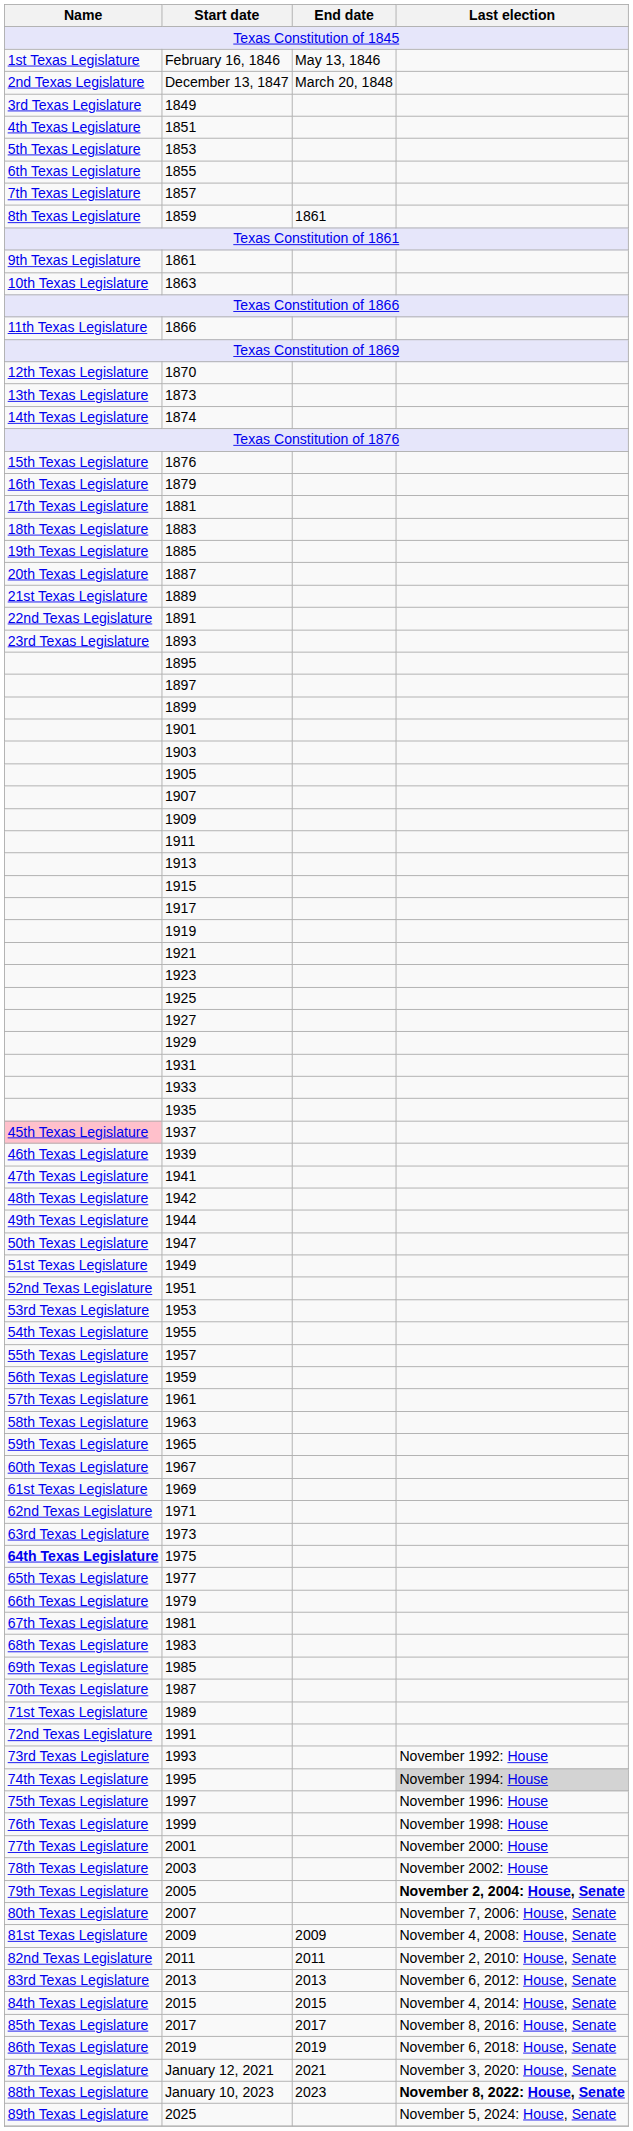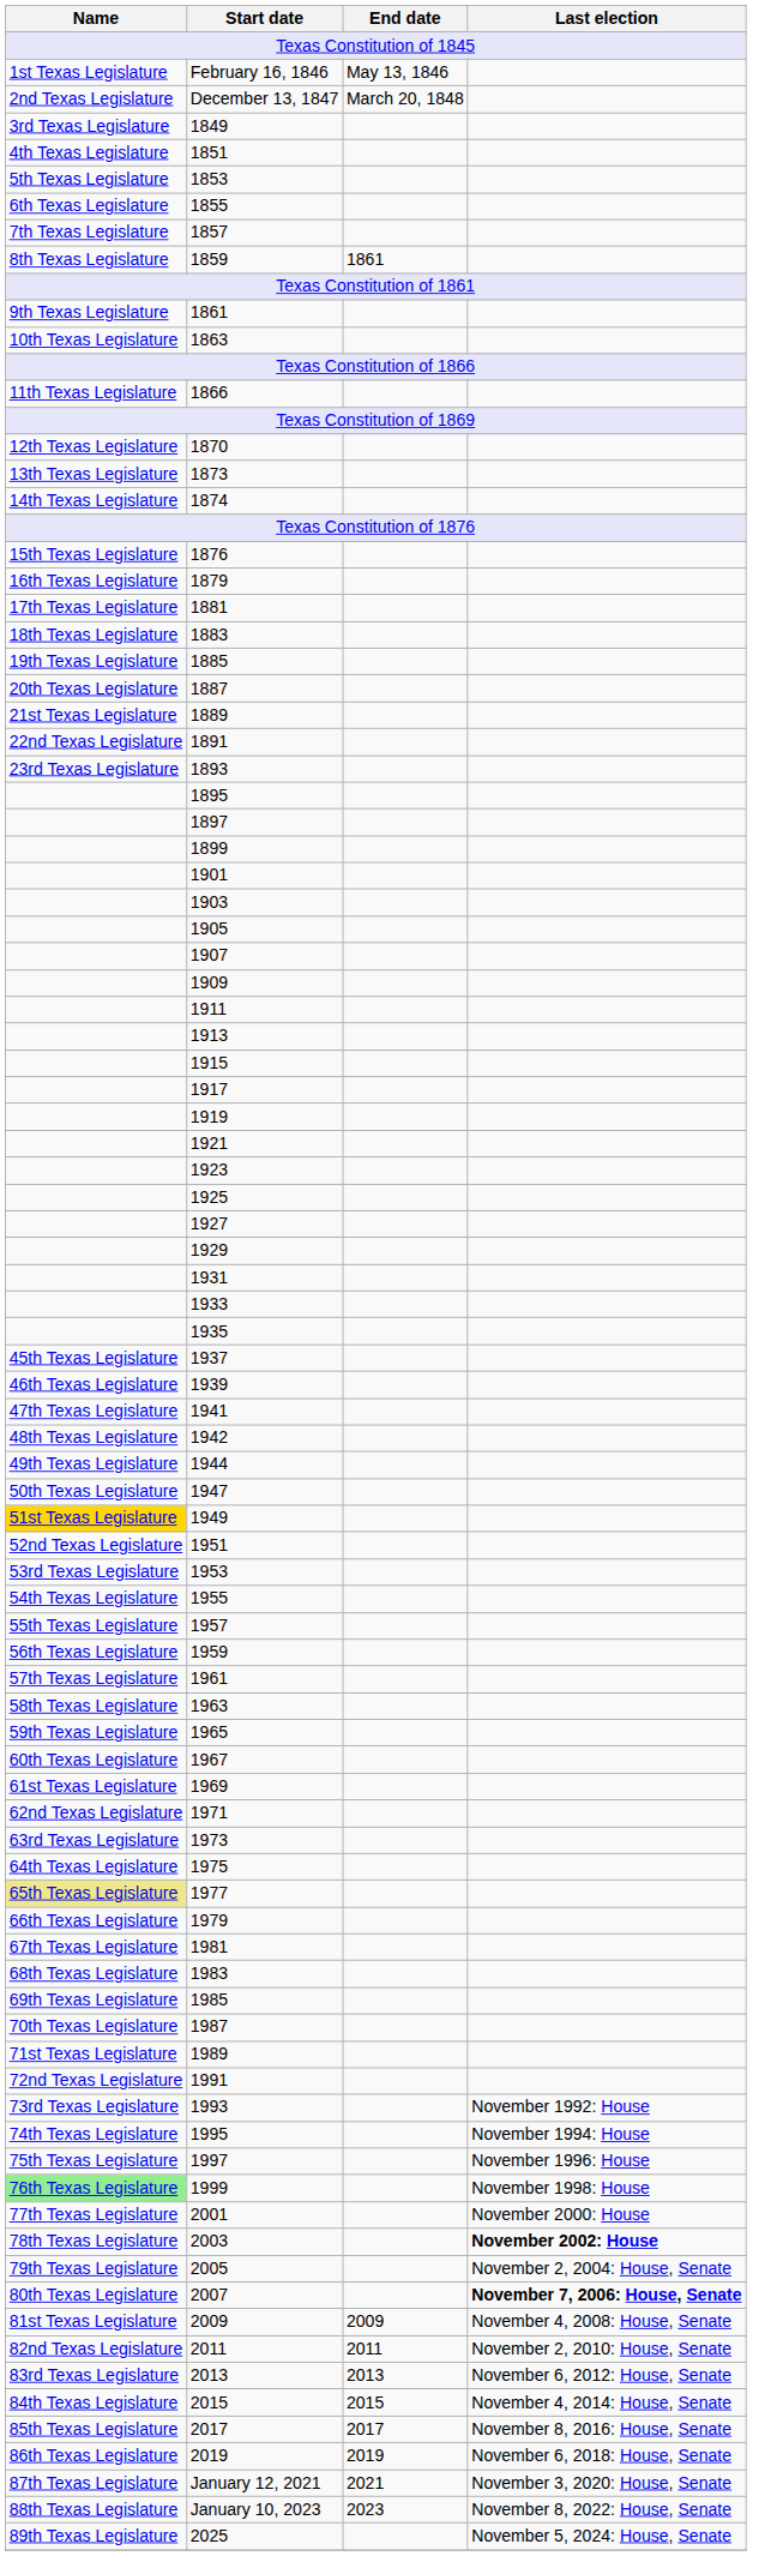 <table class="wikitable mw-datatable sticky-header">
 <tr>
 <th>Name</th>
 <th>Start date</th>
 <th>End date</th>
 <th>Last election</th>
 </tr>
 <tr>
 <td colspan=4 style="text-align: center; background-color:#E6E6FA;"><a href='#'>Texas Constitution of 1845</a></td>
 </tr>
 <tr>
 <td><a href='#'>1st Texas Legislature</a></td>
 <td>February 16, 1846 </td>
 <td>May 13, 1846</td>
 <td></td>
 </tr>
 <tr>
 <td><a href='#'>2nd Texas Legislature</a></td>
 <td>December 13, 1847</td>
 <td>March 20, 1848</td>
 <td></td>
 </tr>
 <tr>
 <td><a href='#'>3rd Texas Legislature</a></td>
 <td>1849</td>
 <td></td>
 <td></td>
 </tr>
 <tr>
 <td><a href='#'>4th Texas Legislature</a></td>
 <td>1851</td>
 <td></td>
 <td></td>
 </tr>
 <tr>
 <td><a href='#'>5th Texas Legislature</a></td>
 <td>1853</td>
 <td></td>
 <td></td>
 </tr>
 <tr>
 <td><a href='#'>6th Texas Legislature</a></td>
 <td>1855</td>
 <td></td>
 <td></td>
 </tr>
 <tr>
 <td><a href='#'>7th Texas Legislature</a></td>
 <td>1857</td>
 <td></td>
 <td></td>
 </tr>
 <tr>
 <td><a href='#'>8th Texas Legislature</a></td>
 <td>1859</td>
 <td>1861</td>
 <td></td>
 </tr>
 <tr>
 <td colspan=4 style="text-align: center; background-color:#E6E6FA;"><a href='#'>Texas Constitution of 1861</a> </td>
 </tr>
 <tr>
 <td><a href='#'>9th Texas Legislature</a></td>
 <td>1861</td>
 <td></td>
 <td></td>
 </tr>
 <tr>
 <td><a href='#'>10th Texas Legislature</a></td>
 <td>1863</td>
 <td></td>
 <td></td>
 </tr>
 <tr>
 <td colspan=4 style="text-align: center; background-color:#E6E6FA;"><a href='#'>Texas Constitution of 1866</a></td>
 </tr>
 <tr>
 <td><a href='#'>11th Texas Legislature</a></td>
 <td>1866</td>
 <td></td>
 <td></td>
 </tr>
 <tr>
 <td colspan=4 style="text-align: center; background-color:#E6E6FA;"><a href='#'>Texas Constitution of 1869</a></td>
 </tr>
 <tr>
 <td><a href='#'>12th Texas Legislature</a></td>
 <td>1870</td>
 <td></td>
 <td></td>
 </tr>
 <tr>
 <td><a href='#'>13th Texas Legislature</a></td>
 <td>1873</td>
 <td></td>
 <td></td>
 </tr>
 <tr>
 <td><a href='#'>14th Texas Legislature</a></td>
 <td>1874</td>
 <td></td>
 <td></td>
 </tr>
 <tr>
 <td colspan=4 style="text-align: center; background-color:#E6E6FA;"><a href='#'>Texas Constitution of 1876</a> </td>
 </tr>
 <tr>
 <td><a href='#'>15th Texas Legislature</a></td>
 <td>1876</td>
 <td></td>
 <td></td>
 </tr>
 <tr>
 <td><a href='#'>16th Texas Legislature</a></td>
 <td>1879</td>
 <td></td>
 <td></td>
 </tr>
 <tr>
 <td><a href='#'>17th Texas Legislature</a></td>
 <td>1881</td>
 <td></td>
 <td></td>
 </tr>
 <tr>
 <td><a href='#'>18th Texas Legislature</a></td>
 <td>1883</td>
 <td></td>
 <td></td>
 </tr>
 <tr>
 <td><a href='#'>19th Texas Legislature</a></td>
 <td>1885</td>
 <td></td>
 <td></td>
 </tr>
 <tr>
 <td><a href='#'>20th Texas Legislature</a></td>
 <td>1887</td>
 <td></td>
 <td></td>
 </tr>
 <tr>
 <td><a href='#'>21st Texas Legislature</a></td>
 <td>1889</td>
 <td></td>
 <td></td>
 </tr>
 <tr>
 <td><a href='#'>22nd Texas Legislature</a></td>
 <td>1891</td>
 <td></td>
 <td></td>
 </tr>
 <tr>
 <td><a href='#'>23rd Texas Legislature</a></td>
 <td>1893 </td>
 <td></td>
 <td></td>
 </tr>
 <tr>
 <td></td>
 <td>1895 </td>
 <td></td>
 <td></td>
 </tr>
 <tr>
 <td></td>
 <td>1897 </td>
 <td></td>
 <td></td>
 </tr>
 <tr>
 <td></td>
 <td>1899 </td>
 <td></td>
 <td></td>
 </tr>
 <tr>
 <td></td>
 <td>1901 </td>
 <td></td>
 <td></td>
 </tr>
 <tr>
 <td></td>
 <td>1903</td>
 <td></td>
 <td></td>
 </tr>
 <tr>
 <td></td>
 <td>1905 </td>
 <td></td>
 <td></td>
 </tr>
 <tr>
 <td></td>
 <td>1907</td>
 <td></td>
 <td></td>
 </tr>
 <tr>
 <td></td>
 <td>1909 </td>
 <td></td>
 <td></td>
 </tr>
 <tr>
 <td></td>
 <td>1911 </td>
 <td></td>
 <td></td>
 </tr>
 <tr>
 <td></td>
 <td>1913 </td>
 <td></td>
 <td></td>
 </tr>
 <tr>
 <td></td>
 <td>1915 </td>
 <td></td>
 <td></td>
 </tr>
 <tr>
 <td></td>
 <td>1917</td>
 <td></td>
 <td></td>
 </tr>
 <tr>
 <td></td>
 <td>1919</td>
 <td></td>
 <td></td>
 </tr>
 <tr>
 <td></td>
 <td>1921 </td>
 <td></td>
 <td></td>
 </tr>
 <tr>
 <td></td>
 <td>1923</td>
 <td></td>
 <td></td>
 </tr>
 <tr>
 <td></td>
 <td>1925</td>
 <td></td>
 <td></td>
 </tr>
 <tr>
 <td></td>
 <td>1927 </td>
 <td></td>
 <td></td>
 </tr>
 <tr>
 <td></td>
 <td>1929 </td>
 <td></td>
 <td></td>
 </tr>
 <tr>
 <td></td>
 <td>1931 </td>
 <td></td>
 <td></td>
 </tr>
 <tr>
 <td></td>
 <td>1933</td>
 <td></td>
 <td></td>
 </tr>
 <tr>
 <td></td>
 <td>1935 </td>
 <td></td>
 <td></td>
 </tr>
 <tr>
-<td style="background: pink;"><a href='#'>45th Texas Legislature</a></td>
+<td><a href='#'>45th Texas Legislature</a></td>
 <td>1937</td>
 <td></td>
 <td></td>
 </tr>
 <tr>
 <td><a href='#'>46th Texas Legislature</a></td>
 <td>1939</td>
 <td></td>
 <td></td>
 </tr>
 <tr>
 <td><a href='#'>47th Texas Legislature</a></td>
 <td>1941</td>
 <td></td>
 <td></td>
 </tr>
 <tr>
 <td><a href='#'>48th Texas Legislature</a></td>
 <td>1942</td>
 <td></td>
 <td></td>
 </tr>
 <tr>
 <td><a href='#'>49th Texas Legislature</a></td>
 <td>1944</td>
 <td></td>
 <td></td>
 </tr>
 <tr>
 <td><a href='#'>50th Texas Legislature</a></td>
 <td>1947</td>
 <td></td>
 <td></td>
 </tr>
 <tr>
-<td><a href='#'>51st Texas Legislature</a></td>
+<td style="background: gold;"><a href='#'>51st Texas Legislature</a></td>
 <td>1949</td>
 <td></td>
 <td></td>
 </tr>
 <tr>
 <td><a href='#'>52nd Texas Legislature</a></td>
 <td>1951 </td>
 <td></td>
 <td></td>
 </tr>
 <tr>
 <td><a href='#'>53rd Texas Legislature</a></td>
 <td>1953 </td>
 <td></td>
 <td></td>
 </tr>
 <tr>
 <td><a href='#'>54th Texas Legislature</a></td>
 <td>1955</td>
 <td></td>
 <td></td>
 </tr>
 <tr>
 <td><a href='#'>55th Texas Legislature</a></td>
 <td>1957</td>
 <td></td>
 <td></td>
 </tr>
 <tr>
 <td><a href='#'>56th Texas Legislature</a></td>
 <td>1959</td>
 <td></td>
 <td></td>
 </tr>
 <tr>
 <td><a href='#'>57th Texas Legislature</a></td>
 <td>1961 </td>
 <td></td>
 <td></td>
 </tr>
 <tr>
 <td><a href='#'>58th Texas Legislature</a></td>
 <td>1963</td>
 <td></td>
 <td></td>
 </tr>
 <tr>
 <td><a href='#'>59th Texas Legislature</a></td>
 <td>1965</td>
 <td></td>
 <td></td>
 </tr>
 <tr>
 <td><a href='#'>60th Texas Legislature</a></td>
 <td>1967</td>
 <td></td>
 <td></td>
 </tr>
 <tr>
 <td><a href='#'>61st Texas Legislature</a></td>
 <td>1969</td>
 <td></td>
 <td></td>
 </tr>
 <tr>
 <td><a href='#'>62nd Texas Legislature</a></td>
 <td>1971</td>
 <td></td>
 <td></td>
 </tr>
 <tr>
 <td><a href='#'>63rd Texas Legislature</a></td>
 <td>1973</td>
 <td></td>
 <td></td>
 </tr>
 <tr>
-<td><strong><a href='#'>64th Texas Legislature</a></strong></td>
+<td><a href='#'>64th Texas Legislature</a></td>
 <td>1975</td>
 <td></td>
 <td></td>
 </tr>
 <tr>
-<td><a href='#'>65th Texas Legislature</a></td>
+<td style="background: khaki;"><a href='#'>65th Texas Legislature</a></td>
 <td>1977</td>
 <td></td>
 <td></td>
 </tr>
 <tr>
 <td><a href='#'>66th Texas Legislature</a></td>
 <td>1979</td>
 <td></td>
 <td></td>
 </tr>
 <tr>
 <td><a href='#'>67th Texas Legislature</a></td>
 <td>1981</td>
 <td></td>
 <td></td>
 </tr>
 <tr>
 <td><a href='#'>68th Texas Legislature</a></td>
 <td>1983</td>
 <td></td>
 <td></td>
 </tr>
 <tr>
 <td><a href='#'>69th Texas Legislature</a></td>
 <td>1985</td>
 <td></td>
 <td></td>
 </tr>
 <tr>
 <td><a href='#'>70th Texas Legislature</a></td>
 <td>1987</td>
 <td></td>
 <td></td>
 </tr>
 <tr>
 <td><a href='#'>71st Texas Legislature</a></td>
 <td>1989</td>
 <td></td>
 <td></td>
 </tr>
 <tr>
 <td><a href='#'>72nd Texas Legislature</a></td>
 <td>1991</td>
 <td></td>
 <td></td>
 </tr>
 <tr>
 <td><a href='#'>73rd Texas Legislature</a></td>
 <td>1993</td>
 <td></td>
 <td>November 1992: <a href='#'>House</a></td>
 </tr>
 <tr>
 <td><a href='#'>74th Texas Legislature</a></td>
 <td>1995</td>
 <td></td>
-<td style="background: lightgrey;">November 1994: <a href='#'>House</a></td>
+<td>November 1994: <a href='#'>House</a></td>
 </tr>
 <tr>
 <td><a href='#'>75th Texas Legislature</a></td>
 <td>1997</td>
 <td></td>
 <td>November 1996: <a href='#'>House</a></td>
 </tr>
 <tr>
-<td><a href='#'>76th Texas Legislature</a></td>
+<td style="background: lightgreen;"><a href='#'>76th Texas Legislature</a></td>
 <td>1999</td>
 <td></td>
 <td>November 1998: <a href='#'>House</a></td>
 </tr>
 <tr>
 <td><a href='#'>77th Texas Legislature</a></td>
 <td>2001</td>
 <td></td>
 <td>November 2000: <a href='#'>House</a></td>
 </tr>
 <tr>
 <td><a href='#'>78th Texas Legislature</a></td>
 <td>2003</td>
 <td></td>
-<td>November 2002: <a href='#'>House</a></td>
+<td><strong>November 2002: <a href='#'>House</a></strong></td>
 </tr>
 <tr>
 <td><a href='#'>79th Texas Legislature</a></td>
 <td>2005</td>
 <td></td>
-<td><strong>November 2, 2004: <a href='#'>House</a>, <a href='#'>Senate</a></strong></td>
+<td>November 2, 2004: <a href='#'>House</a>, <a href='#'>Senate</a></td>
 </tr>
 <tr>
 <td><a href='#'>80th Texas Legislature</a></td>
 <td>2007</td>
 <td></td>
-<td>November 7, 2006: <a href='#'>House</a>, <a href='#'>Senate</a></td>
+<td><strong>November 7, 2006: <a href='#'>House</a>, <a href='#'>Senate</a></strong></td>
 </tr>
 <tr>
 <td><a href='#'>81st Texas Legislature</a></td>
 <td>2009</td>
 <td>2009</td>
 <td>November 4, 2008: <a href='#'>House</a>, <a href='#'>Senate</a></td>
 </tr>
 <tr>
 <td><a href='#'>82nd Texas Legislature</a></td>
 <td>2011</td>
 <td>2011</td>
 <td>November 2, 2010: <a href='#'>House</a>, <a href='#'>Senate</a></td>
 </tr>
 <tr>
 <td><a href='#'>83rd Texas Legislature</a></td>
 <td>2013</td>
 <td>2013</td>
 <td>November 6, 2012: <a href='#'>House</a>, <a href='#'>Senate</a></td>
 </tr>
 <tr>
 <td><a href='#'>84th Texas Legislature</a></td>
 <td>2015</td>
 <td>2015</td>
 <td>November 4, 2014: <a href='#'>House</a>, <a href='#'>Senate</a></td>
 </tr>
 <tr>
 <td><a href='#'>85th Texas Legislature</a></td>
 <td>2017</td>
 <td>2017</td>
 <td>November 8, 2016: <a href='#'>House</a>, <a href='#'>Senate</a></td>
 </tr>
 <tr>
 <td><a href='#'>86th Texas Legislature</a></td>
 <td>2019</td>
 <td>2019</td>
 <td>November 6, 2018: <a href='#'>House</a>, <a href='#'>Senate</a></td>
 </tr>
 <tr>
 <td><a href='#'>87th Texas Legislature</a></td>
 <td>January 12, 2021</td>
 <td>2021</td>
 <td>November 3, 2020: <a href='#'>House</a>, <a href='#'>Senate</a></td>
 </tr>
 <tr>
 <td><a href='#'>88th Texas Legislature</a></td>
 <td>January 10, 2023</td>
 <td>2023</td>
-<td><strong>November 8, 2022: <a href='#'>House</a>, <a href='#'>Senate</a></strong></td>
+<td>November 8, 2022: <a href='#'>House</a>, <a href='#'>Senate</a></td>
 </tr>
 <tr>
 <td><a href='#'>89th Texas Legislature</a></td>
 <td>2025</td>
 <td></td>
 <td>November 5, 2024: <a href='#'>House</a>, <a href='#'>Senate</a></td>
 </tr>
 <tr>
 </tr>
 </table>
